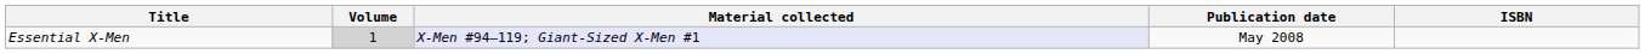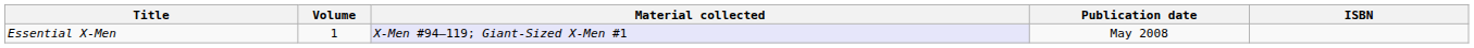 <table class="wikitable" width="100%">
 <tr>
 <th width=20%>Title</th>
 <th width=5%>Volume</th>
 <th width=45%>Material collected</th>
 <th width=15%>Publication date</th>
 <th width=15%>ISBN</th>
 </tr>
 <tr>
 <td rowspan="11"><em>Essential X-Men</em></td>
-<td align="center" style="background: lightgrey;">1</td>
+<td align="center">1</td>
 <td style="background: lavender;"><em>X-Men</em> #94–119; <em>Giant-Sized X-Men</em> #1</td>
 <td align="center">May 2008</td>
 <td align="center"></td>
 </tr>
 </table>
